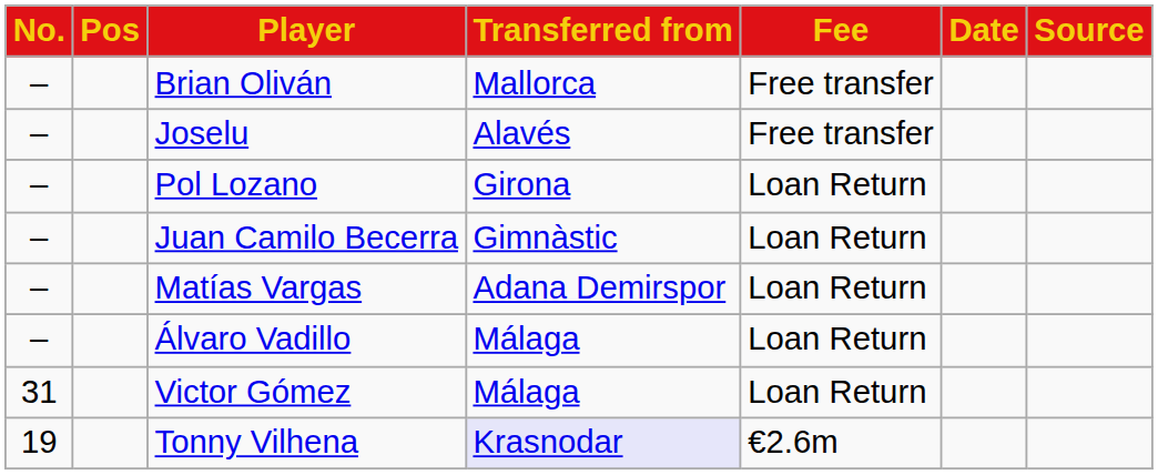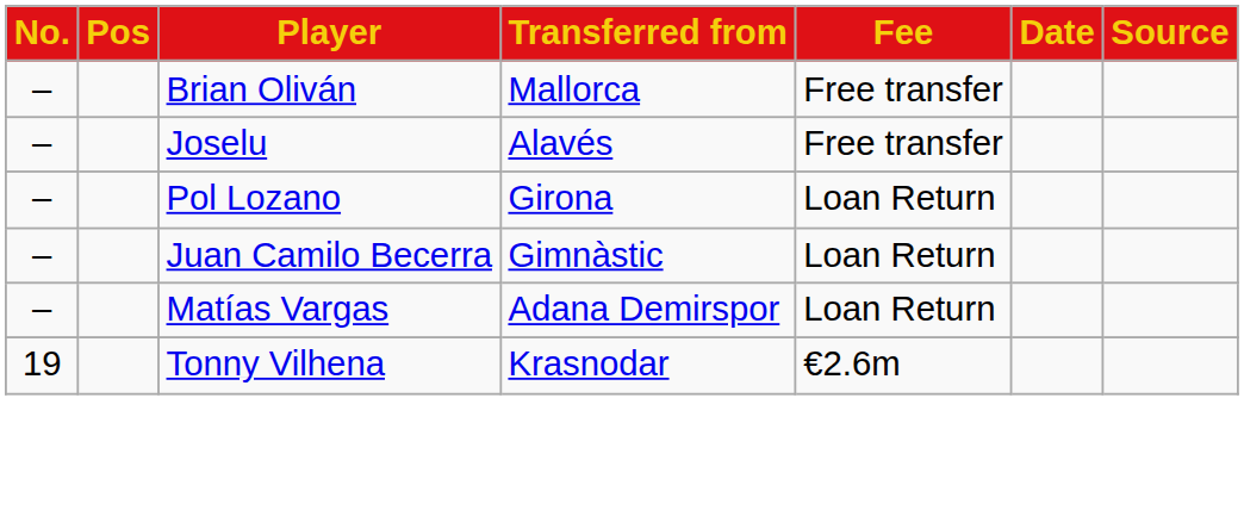 <table class="wikitable plainrowheaders sortable">
 <tr>
 <th style="background:#DF1116; color:#F4CF0C; ">No.</th>
 <th style="background:#DF1116; color:#F4CF0C; ">Pos</th>
 <th style="background:#DF1116; color:#F4CF0C; ">Player</th>
 <th style="background:#DF1116; color:#F4CF0C; ">Transferred from</th>
 <th style="background:#DF1116; color:#F4CF0C; ">Fee</th>
 <th style="background:#DF1116; color:#F4CF0C; ">Date</th>
 <th style="background:#DF1116; color:#F4CF0C; ">Source</th>
 </tr>
 <tr>
 <td align=center>–</td>
 <td align=center></td>
 <td> <a href='#'>Brian Oliván</a></td>
 <td> <a href='#'>Mallorca</a></td>
 <td>Free transfer</td>
 <td></td>
 <td></td>
 </tr>
 <tr>
 <td align=center>–</td>
 <td align=center></td>
 <td> <a href='#'>Joselu</a></td>
 <td> <a href='#'>Alavés</a></td>
 <td>Free transfer</td>
 <td></td>
 <td></td>
 </tr>
 <tr>
 <td align=center>–</td>
 <td align=center></td>
 <td> <a href='#'>Pol Lozano</a></td>
 <td> <a href='#'>Girona</a></td>
 <td>Loan Return</td>
 <td></td>
 <td></td>
 </tr>
 <tr>
 <td align=center>–</td>
 <td align=center></td>
 <td> <a href='#'>Juan Camilo Becerra</a></td>
 <td> <a href='#'>Gimnàstic</a></td>
 <td>Loan Return</td>
 <td></td>
 <td></td>
 </tr>
 <tr>
 <td align=center>–</td>
 <td align=center></td>
 <td> <a href='#'>Matías Vargas</a></td>
 <td> <a href='#'>Adana Demirspor</a></td>
 <td>Loan Return</td>
 <td></td>
 <td></td>
 </tr>
 <tr>
-<td align=center>–</td>
-<td align=center></td>
-<td> <a href='#'>Álvaro Vadillo</a></td>
-<td> <a href='#'>Málaga</a></td>
-<td>Loan Return</td>
-<td></td>
-<td></td>
-</tr>
-<tr>
-<td align=center>31</td>
-<td align=center></td>
-<td> <a href='#'>Victor Gómez</a></td>
-<td> <a href='#'>Málaga</a></td>
-<td>Loan Return</td>
-<td></td>
-<td></td>
-</tr>
-<tr>
 <td align=center>19</td>
 <td align=center></td>
 <td> <a href='#'>Tonny Vilhena</a></td>
-<td style="background: lavender;"> <a href='#'>Krasnodar</a></td>
+<td> <a href='#'>Krasnodar</a></td>
 <td>€2.6m</td>
 <td></td>
 <td></td>
 </tr>
 </table>
